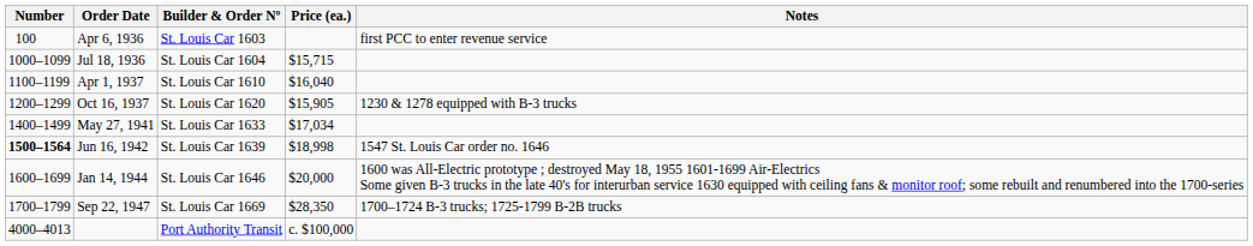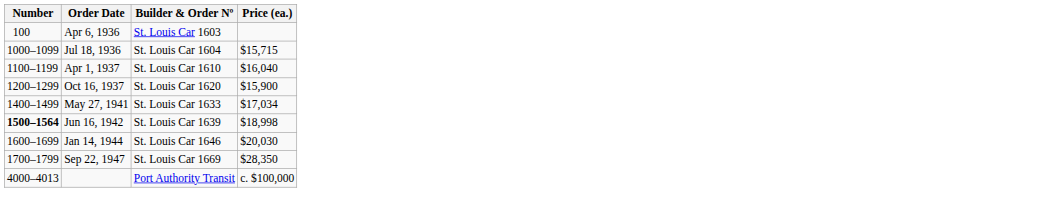 <table class="wikitable">
 <tr>
 <th>Number</th>
 <th>Order Date</th>
 <th>Builder & Order Nº</th>
 <th>Price (ea.)</th>
-<th>Notes</th>
 </tr>
 <tr>
 <td>  100</td>
 <td>Apr 6, 1936</td>
 <td><a href='#'>St. Louis Car</a> 1603</td>
 <td></td>
-<td>first PCC to enter revenue service</td>
 </tr>
 <tr>
 <td>1000–1099</td>
 <td>Jul 18, 1936</td>
 <td>St. Louis Car 1604</td>
 <td>$15,715</td>
-<td></td>
 </tr>
 <tr>
 <td>1100–1199</td>
 <td>Apr 1, 1937</td>
 <td>St. Louis Car 1610</td>
 <td>$16,040</td>
-<td></td>
 </tr>
 <tr>
 <td>1200–1299</td>
 <td>Oct 16, 1937</td>
 <td>St. Louis Car 1620</td>
-<td>$15,905</td>
-<td>1230 & 1278 equipped with B-3 trucks</td>
+<td>$15,900</td>
 </tr>
 <tr>
 <td>1400–1499</td>
 <td nowrap>May 27, 1941</td>
 <td>St. Louis Car 1633</td>
 <td>$17,034</td>
-<td></td>
 </tr>
 <tr>
 <td><strong>1500–1564</strong></td>
 <td>Jun 16, 1942</td>
 <td>St. Louis Car 1639</td>
 <td>$18,998</td>
-<td>1547 St. Louis Car order no. 1646</td>
 </tr>
 <tr>
 <td>1600–1699</td>
 <td>Jan 14, 1944</td>
 <td>St. Louis Car 1646</td>
-<td>$20,000</td>
-<td>1600 was All-Electric prototype ; destroyed May 18, 1955  1601-1699 Air-Electrics<br>Some given B-3 trucks in the late 40's for interurban service 1630 equipped with ceiling fans & <a href='#'>monitor roof</a>; some rebuilt and renumbered into the 1700-series</td>
+<td>$20,030</td>
 </tr>
 <tr>
 <td>1700–1799</td>
 <td>Sep 22, 1947</td>
 <td>St. Louis Car 1669</td>
 <td>$28,350</td>
-<td>1700–1724 B-3 trucks; 1725-1799 B-2B trucks</td>
 </tr>
 <tr>
 <td>4000–4013</td>
 <td></td>
 <td nowrap><a href='#'>Port Authority Transit</a></td>
 <td nowrap>c. $100,000</td>
-<td></td>
 </tr>
 </table>
